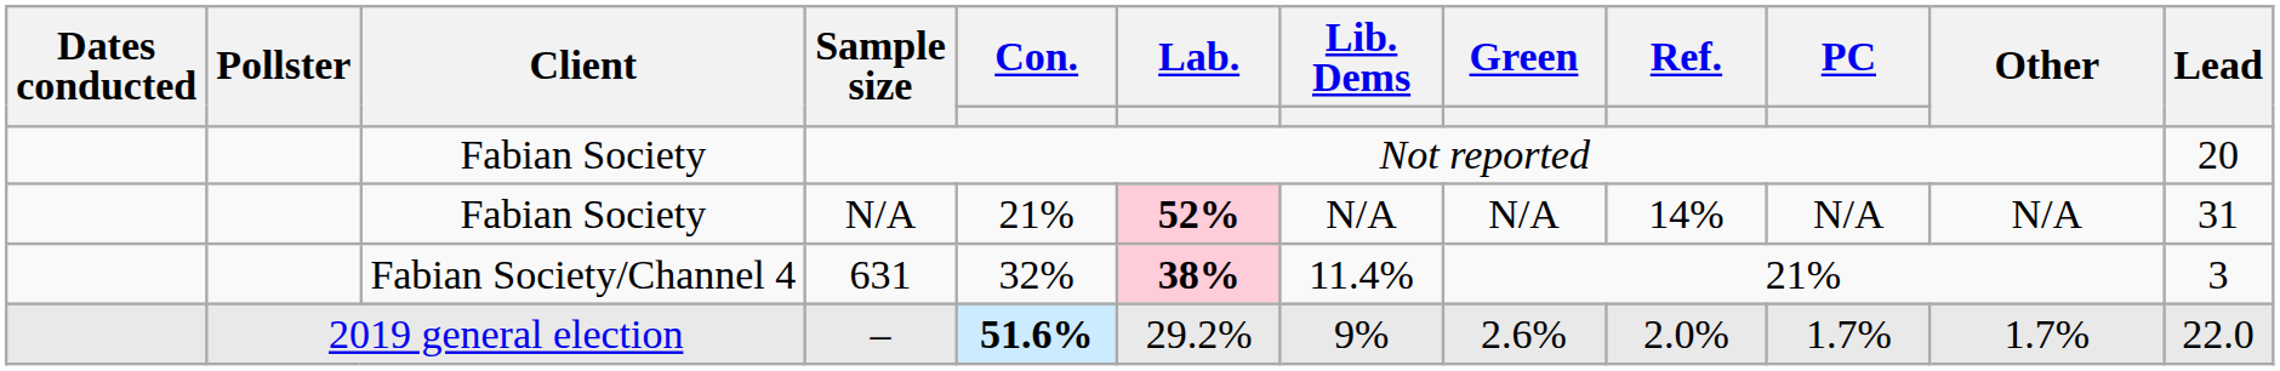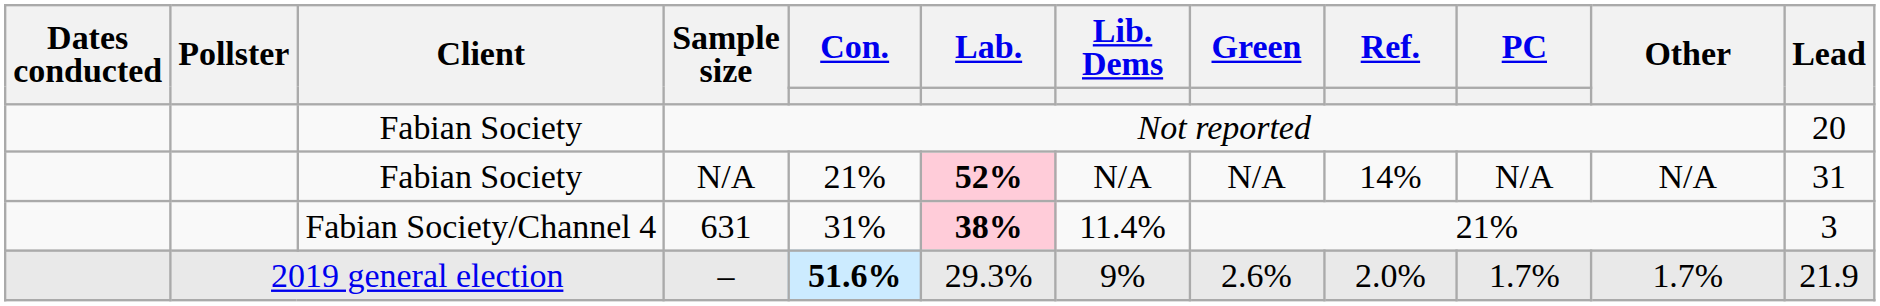 <table class="wikitable sortable mw-datatable" style="text-align:center; font-size:90%; line-height:14px;">
 <tr>
 <th rowspan="2">Dates<br>conducted</th>
 <th rowspan="2">Pollster</th>
 <th rowspan="2">Client</th>
 <th data-sort-type="number" rowspan="2">Sample<br>size</th>
 <th class="unsortable" style="width:50px;"><a href='#'>Con.</a></th>
 <th class="unsortable" style="width:50px;"><a href='#'>Lab.</a></th>
 <th class="unsortable" style="width:50px;"><a href='#'>Lib. Dems</a></th>
 <th class="unsortable" style="width:50px;"><a href='#'>Green</a></th>
 <th class="unsortable" style="width:50px;"><a href='#'>Ref.</a></th>
 <th class="unsortable" style="width:50px;"><a href='#'>PC</a></th>
 <th class="unsortable" rowspan="2" style="width:75px;">Other</th>
 <th data-sort-type="number" rowspan="2">Lead</th>
 </tr>
 <tr>
 <th data-sort-type="number" style="background:"></th>
 <th data-sort-type="number" style="background:"></th>
 <th data-sort-type="number" style="background:"></th>
 <th data-sort-type="number" style="background:"></th>
 <th data-sort-type="number" style="background:"></th>
 <th data-sort-type="number" style="background:"></th>
 </tr>
 <tr>
 <td></td>
 <td></td>
 <td>Fabian Society</td>
 <td colspan=8><em>Not reported</em></td>
 <td style="background:">20</td>
 </tr>
 <tr>
 <td></td>
 <td></td>
 <td>Fabian Society</td>
 <td>N/A</td>
 <td>21%</td>
 <td style="background:#FFCCD9;color:black"><strong>52%</strong></td>
 <td>N/A</td>
 <td>N/A</td>
 <td>14%</td>
 <td>N/A</td>
 <td>N/A</td>
 <td style="background:">31</td>
 </tr>
 <tr>
 <td></td>
 <td></td>
 <td>Fabian Society/Channel 4</td>
 <td>631</td>
-<td>32%</td>
+<td>31%</td>
 <td style="background:#FFCCD9;color:black"><strong>38%</strong></td>
 <td>11.4%</td>
 <td colspan="4">21%</td>
 <td style="background:">3</td>
 </tr>
 <tr style="background:#e9e9e9;">
 <td></td>
 <td colspan="2"><a href='#'>2019 general election</a></td>
 <td>–</td>
 <td style="background:#CCEBFF;"><strong>51.6%</strong></td>
-<td>29.2%</td>
+<td>29.3%</td>
 <td>9%</td>
 <td>2.6%</td>
 <td>2.0%</td>
 <td>1.7%</td>
 <td>1.7%</td>
-<td style="background:">22.0</td>
+<td style="background:">21.9</td>
 </tr>
 </table>
